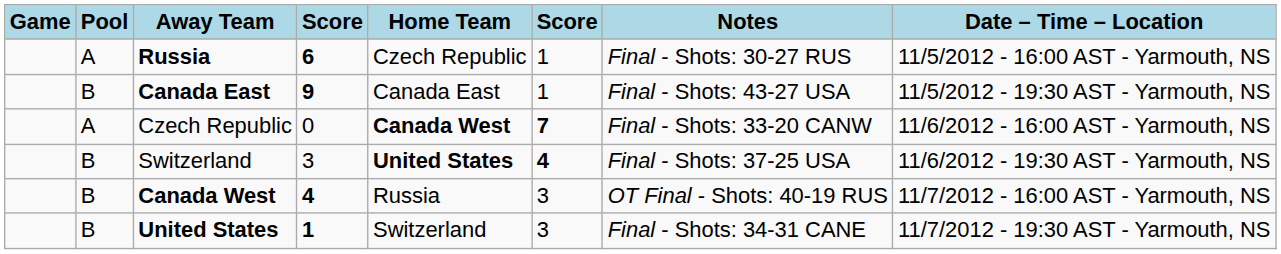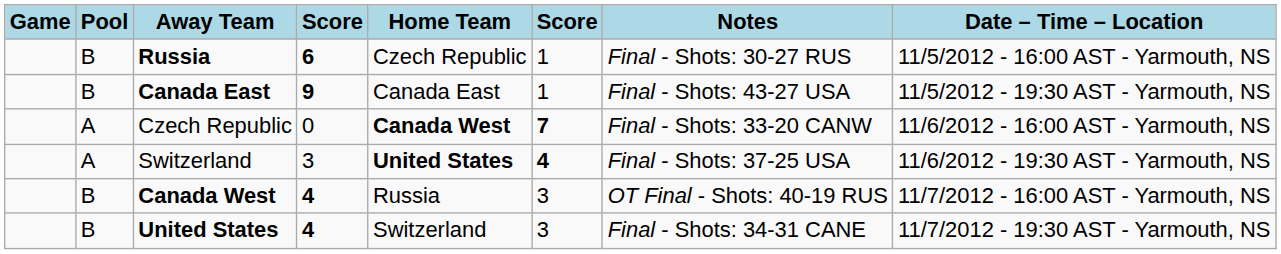 <table class="wikitable">
 <tr>
 <th style="background:lightblue;">Game</th>
 <th style="background:lightblue;">Pool</th>
 <th style="background:lightblue;">Away Team</th>
 <th style="background:lightblue;">Score</th>
 <th style="background:lightblue;">Home Team</th>
 <th style="background:lightblue;">Score</th>
 <th style="background:lightblue;">Notes</th>
 <th style="background:lightblue;">Date – Time – Location</th>
 </tr>
 <tr>
 <td></td>
-<td>A</td>
+<td>B</td>
 <td><strong>Russia</strong></td>
 <td><strong>6</strong></td>
 <td>Czech Republic</td>
 <td>1</td>
 <td><em>Final</em> - Shots: 30-27 RUS</td>
 <td>11/5/2012 - 16:00 AST - Yarmouth, NS</td>
 </tr>
 <tr>
 <td></td>
 <td>B</td>
 <td><strong>Canada East</strong></td>
 <td><strong>9</strong></td>
 <td>Canada East</td>
 <td>1</td>
 <td><em>Final</em> - Shots: 43-27 USA</td>
 <td>11/5/2012 - 19:30 AST - Yarmouth, NS</td>
 </tr>
 <tr>
 <td></td>
 <td>A</td>
 <td>Czech Republic</td>
 <td>0</td>
 <td><strong>Canada West</strong></td>
 <td><strong>7</strong></td>
 <td><em>Final</em> - Shots: 33-20 CANW</td>
 <td>11/6/2012 - 16:00 AST - Yarmouth, NS</td>
 </tr>
 <tr>
 <td></td>
-<td>B</td>
+<td>A</td>
 <td>Switzerland</td>
 <td>3</td>
 <td><strong>United States</strong></td>
 <td><strong>4</strong></td>
 <td><em>Final</em> - Shots: 37-25 USA</td>
 <td>11/6/2012 - 19:30 AST - Yarmouth, NS</td>
 </tr>
 <tr>
 <td></td>
 <td>B</td>
 <td><strong>Canada West</strong></td>
 <td><strong>4</strong></td>
 <td>Russia</td>
 <td>3</td>
 <td><em>OT Final</em> - Shots: 40-19 RUS</td>
 <td>11/7/2012 - 16:00 AST - Yarmouth, NS</td>
 </tr>
 <tr>
 <td></td>
 <td>B</td>
 <td><strong>United States</strong></td>
-<td><strong>1</strong></td>
+<td><strong>4</strong></td>
 <td>Switzerland</td>
 <td>3</td>
 <td><em>Final</em> - Shots: 34-31 CANE</td>
 <td>11/7/2012 - 19:30 AST - Yarmouth, NS</td>
 </tr>
 </table>
